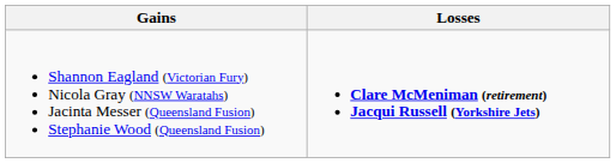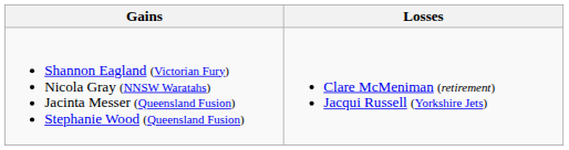 <table class=wikitable>
 <tr>
 <th width=300> Gains</th>
 <th width=300> Losses</th>
 </tr>
 <tr>
 <td><br><ul><li><a href='#'>Shannon Eagland</a> <small>(<a href='#'>Victorian Fury</a>)</small></li><li>Nicola Gray <small>(<a href='#'>NNSW Waratahs</a>)</small> </li><li>Jacinta Messer <small>(<a href='#'>Queensland Fusion</a>)</small></li><li><a href='#'>Stephanie Wood</a> <small>(<a href='#'>Queensland Fusion</a>)</small></li></ul></td>
-<td><strong><br><ul><li><a href='#'>Clare McMeniman</a> <small>(<em>retirement</em>)</small></li><li><a href='#'>Jacqui Russell</a> <small>(<a href='#'>Yorkshire Jets</a>)</small></li></ul></strong></td>
+<td><br><ul><li><a href='#'>Clare McMeniman</a> <small>(<em>retirement</em>)</small></li><li><a href='#'>Jacqui Russell</a> <small>(<a href='#'>Yorkshire Jets</a>)</small></li></ul></td>
 </tr>
 </table>
